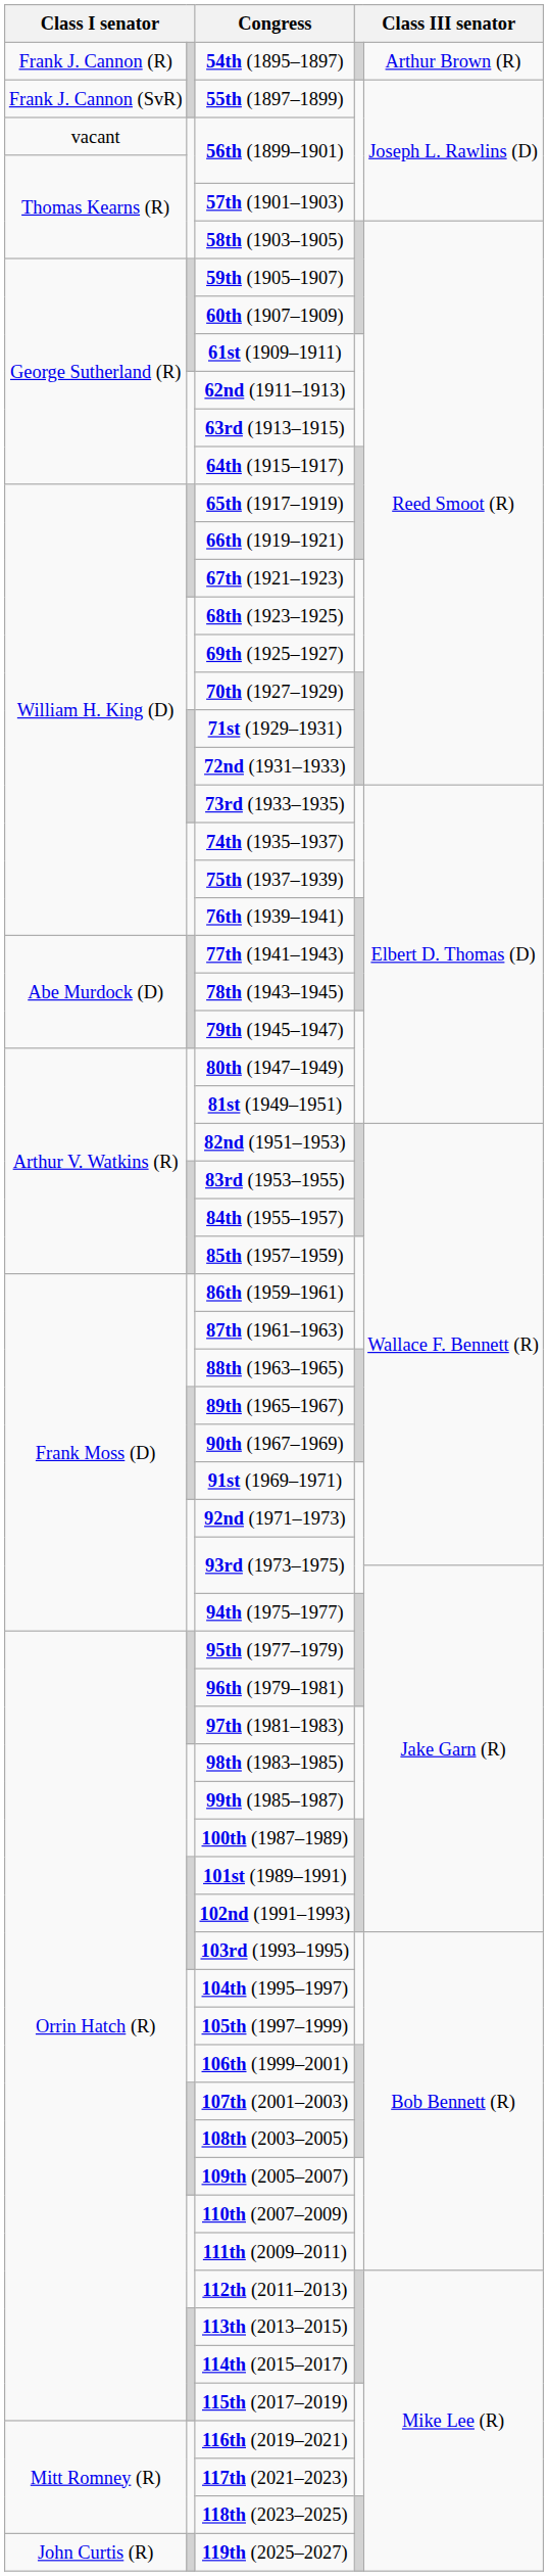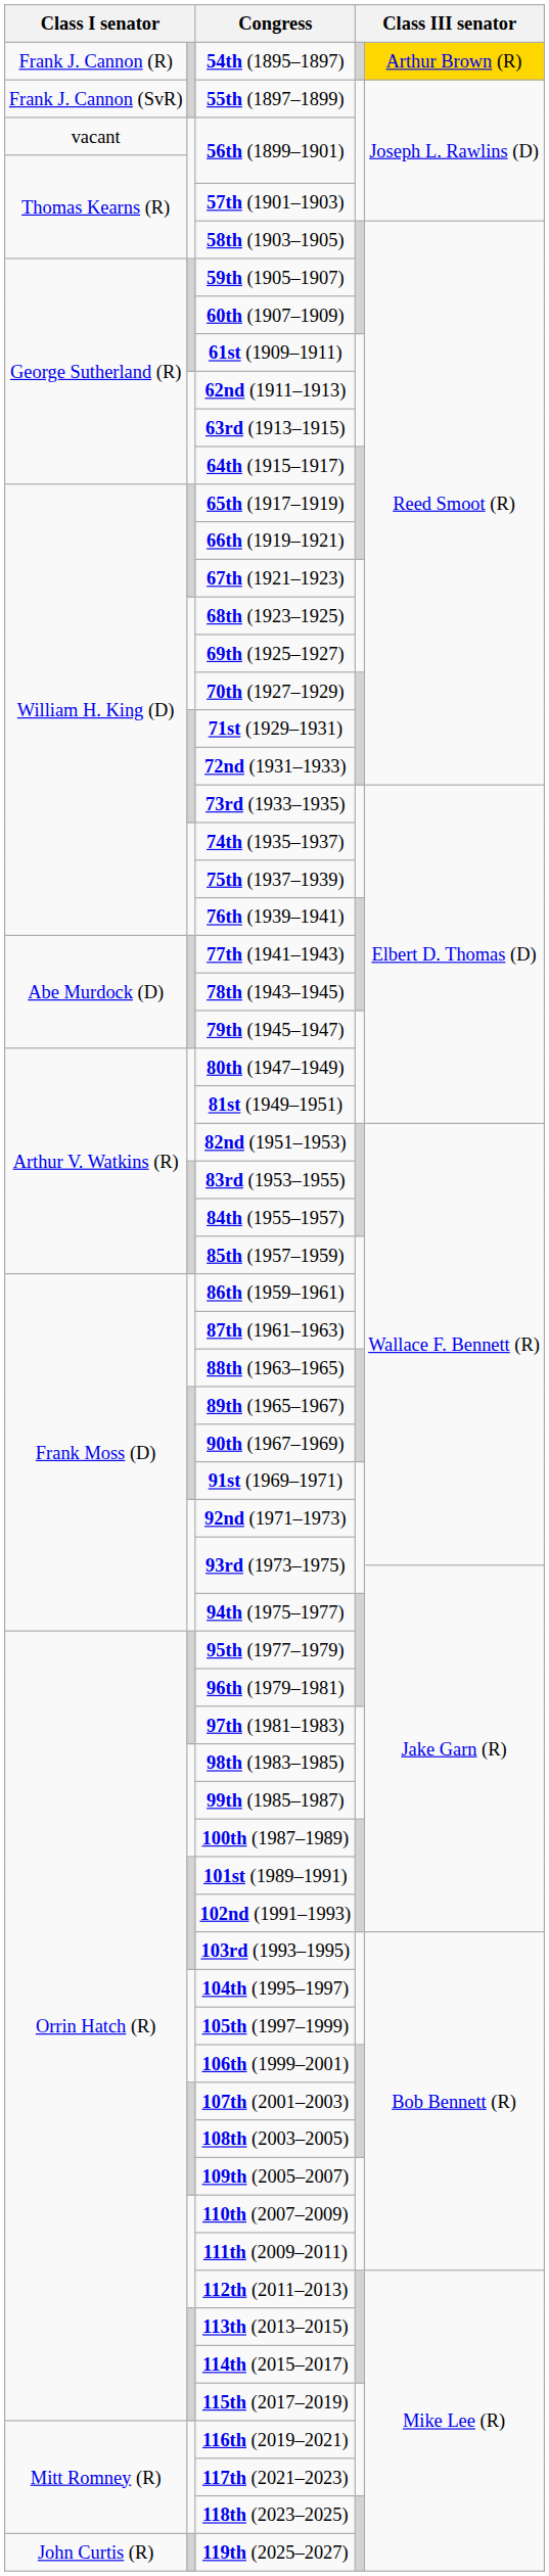 <table class="wikitable sticky-header" style="text-align:center">
 <tr style="height:2em">
 <th colspan=2>Class I senator</th>
 <th>Congress</th>
 <th colspan=2>Class III senator</th>
 </tr>
 <tr style="height:2em">
 <td><a href='#'>Frank J. Cannon</a> (R)</td>
 <td rowspan=2 style="background: #D3D3D3"></td>
 <td><strong><a href='#'>54th</a></strong> (1895–1897)</td>
 <td style="background: #D3D3D3"></td>
-<td><a href='#'>Arthur Brown</a> (R)</td>
+<td style="background: gold;"><a href='#'>Arthur Brown</a> (R)</td>
 </tr>
 <tr style="height:2em">
 <td><a href='#'>Frank J. Cannon</a> (SvR)</td>
 <td><strong><a href='#'>55th</a></strong> (1897–1899)</td>
 <td rowspan=4></td>
 <td rowspan=4 ><a href='#'>Joseph L. Rawlins</a> (D)</td>
 </tr>
 <tr style="height:2em">
 <td>vacant</td>
 <td rowspan="4"></td>
 <td rowspan=2><strong><a href='#'>56th</a></strong> (1899–1901)</td>
 </tr>
 <tr style="height:1.5em">
 <td rowspan=3 ><a href='#'>Thomas Kearns</a> (R)</td>
 </tr>
 <tr style="height:2em">
 <td><strong><a href='#'>57th</a></strong> (1901–1903)</td>
 </tr>
 <tr style="height:2em">
 <td><strong><a href='#'>58th</a></strong> (1903–1905)</td>
 <td rowspan=3 style="background: #D3D3D3"></td>
 <td rowspan=15 ><a href='#'>Reed Smoot</a> (R)</td>
 </tr>
 <tr style="height:2em">
 <td rowspan=6 ><a href='#'>George Sutherland</a> (R)</td>
 <td rowspan=3 style="background: #D3D3D3"></td>
 <td><strong><a href='#'>59th</a></strong> (1905–1907)</td>
 </tr>
 <tr style="height:2em">
 <td><strong><a href='#'>60th</a></strong> (1907–1909)</td>
 </tr>
 <tr style="height:2em">
 <td><strong><a href='#'>61st</a></strong> (1909–1911)</td>
 <td rowspan=3></td>
 </tr>
 <tr style="height:2em">
 <td rowspan=3></td>
 <td><strong><a href='#'>62nd</a></strong> (1911–1913)</td>
 </tr>
 <tr style="height:2em">
 <td><strong><a href='#'>63rd</a></strong> (1913–1915)</td>
 </tr>
 <tr style="height:2em">
 <td><strong><a href='#'>64th</a></strong> (1915–1917)</td>
 <td rowspan=3 style="background: #D3D3D3"></td>
 </tr>
 <tr style="height:2em">
 <td rowspan=12 ><a href='#'>William H. King</a> (D)</td>
 <td rowspan=3 style="background: #D3D3D3"></td>
 <td><strong><a href='#'>65th</a></strong> (1917–1919)</td>
 </tr>
 <tr style="height:2em">
 <td><strong><a href='#'>66th</a></strong> (1919–1921)</td>
 </tr>
 <tr style="height:2em">
 <td><strong><a href='#'>67th</a></strong> (1921–1923)</td>
 <td rowspan=3></td>
 </tr>
 <tr style="height:2em">
 <td rowspan=3></td>
 <td><strong><a href='#'>68th</a></strong> (1923–1925)</td>
 </tr>
 <tr style="height:2em">
 <td><strong><a href='#'>69th</a></strong> (1925–1927)</td>
 </tr>
 <tr style="height:2em">
 <td><strong><a href='#'>70th</a></strong> (1927–1929)</td>
 <td rowspan=3 style="background: #D3D3D3"></td>
 </tr>
 <tr style="height:2em">
 <td rowspan=3 style="background: #D3D3D3"></td>
 <td><strong><a href='#'>71st</a></strong> (1929–1931)</td>
 </tr>
 <tr style="height:2em">
 <td><strong><a href='#'>72nd</a></strong> (1931–1933)</td>
 </tr>
 <tr style="height:2em">
 <td><strong><a href='#'>73rd</a></strong> (1933–1935)</td>
 <td rowspan=3></td>
 <td rowspan=9 ><a href='#'>Elbert D. Thomas</a> (D)</td>
 </tr>
 <tr style="height:2em">
 <td rowspan=3></td>
 <td><strong><a href='#'>74th</a></strong> (1935–1937)</td>
 </tr>
 <tr style="height:2em">
 <td><strong><a href='#'>75th</a></strong> (1937–1939)</td>
 </tr>
 <tr style="height:2em">
 <td><strong><a href='#'>76th</a></strong> (1939–1941)</td>
 <td rowspan=3 style="background: #D3D3D3"></td>
 </tr>
 <tr style="height:2em">
 <td rowspan=3 ><a href='#'>Abe Murdock</a> (D)</td>
 <td rowspan=3 style="background: #D3D3D3"></td>
 <td><strong><a href='#'>77th</a></strong> (1941–1943)</td>
 </tr>
 <tr style="height:2em">
 <td><strong><a href='#'>78th</a></strong> (1943–1945)</td>
 </tr>
 <tr style="height:2em">
 <td><strong><a href='#'>79th</a></strong> (1945–1947)</td>
 <td rowspan=3></td>
 </tr>
 <tr style="height:2em">
 <td rowspan=6 ><a href='#'>Arthur V. Watkins</a> (R)</td>
 <td rowspan=3></td>
 <td><strong><a href='#'>80th</a></strong> (1947–1949)</td>
 </tr>
 <tr style="height:2em">
 <td><strong><a href='#'>81st</a></strong> (1949–1951)</td>
 </tr>
 <tr style="height:2em">
 <td><strong><a href='#'>82nd</a></strong> (1951–1953)</td>
 <td rowspan=3 style="background: #D3D3D3"></td>
 <td rowspan=12 ><a href='#'>Wallace F. Bennett</a> (R)</td>
 </tr>
 <tr style="height:2em">
 <td rowspan=3 style="background: #D3D3D3"></td>
 <td><strong><a href='#'>83rd</a></strong> (1953–1955)</td>
 </tr>
 <tr style="height:2em">
 <td><strong><a href='#'>84th</a></strong> (1955–1957)</td>
 </tr>
 <tr style="height:2em">
 <td><strong><a href='#'>85th</a></strong> (1957–1959)</td>
 <td rowspan=3></td>
 </tr>
 <tr style="height:2em">
 <td rowspan=10 ><a href='#'>Frank Moss</a> (D)</td>
 <td rowspan=3></td>
 <td><strong><a href='#'>86th</a></strong> (1959–1961)</td>
 </tr>
 <tr style="height:2em">
 <td><strong><a href='#'>87th</a></strong> (1961–1963)</td>
 </tr>
 <tr style="height:2em">
 <td><strong><a href='#'>88th</a></strong> (1963–1965)</td>
 <td rowspan=3 style="background: #D3D3D3"></td>
 </tr>
 <tr style="height:2em">
 <td rowspan=3 style="background: #D3D3D3"></td>
 <td><strong><a href='#'>89th</a></strong> (1965–1967)</td>
 </tr>
 <tr style="height:2em">
 <td><strong><a href='#'>90th</a></strong> (1967–1969)</td>
 </tr>
 <tr style="height:2em">
 <td><strong><a href='#'>91st</a></strong> (1969–1971)</td>
 <td rowspan="4"></td>
 </tr>
 <tr style="height:2em">
 <td rowspan=4></td>
 <td><strong><a href='#'>92nd</a></strong> (1971–1973)</td>
 </tr>
 <tr style="height:1.5em">
 <td rowspan=2><strong><a href='#'>93rd</a></strong> (1973–1975)</td>
 </tr>
 <tr style="height:1.5em">
 <td rowspan=10 ><a href='#'>Jake Garn</a> (R)</td>
 </tr>
 <tr style="height:2em">
 <td><strong><a href='#'>94th</a></strong> (1975–1977)</td>
 <td rowspan="3" style="background: #D3D3D3"></td>
 </tr>
 <tr style="height:2em">
 <td rowspan=21 ><a href='#'>Orrin Hatch</a> (R)</td>
 <td rowspan=3 style="background: #D3D3D3"></td>
 <td><strong><a href='#'>95th</a></strong> (1977–1979)</td>
 </tr>
 <tr style="height:2em">
 <td><strong><a href='#'>96th</a></strong> (1979–1981)</td>
 </tr>
 <tr style="height:2em">
 <td><strong><a href='#'>97th</a></strong> (1981–1983)</td>
 <td rowspan="3"></td>
 </tr>
 <tr style="height:2em">
 <td rowspan=3></td>
 <td><strong><a href='#'>98th</a></strong> (1983–1985)</td>
 </tr>
 <tr style="height:2em">
 <td><strong><a href='#'>99th</a></strong> (1985–1987)</td>
 </tr>
 <tr style="height:2em">
 <td><strong><a href='#'>100th</a></strong> (1987–1989)</td>
 <td rowspan="3" style="background: #D3D3D3"></td>
 </tr>
 <tr style="height:2em">
 <td rowspan=3 style="background: #D3D3D3"></td>
 <td><strong><a href='#'>101st</a></strong> (1989–1991)</td>
 </tr>
 <tr style="height:2em">
 <td><strong><a href='#'>102nd</a></strong> (1991–1993)</td>
 </tr>
 <tr style="height:2em">
 <td><strong><a href='#'>103rd</a></strong> (1993–1995)</td>
 <td rowspan=3></td>
 <td rowspan=9 ><a href='#'>Bob Bennett</a> (R)</td>
 </tr>
 <tr style="height:2em">
 <td rowspan=3></td>
 <td><strong><a href='#'>104th</a></strong> (1995–1997)</td>
 </tr>
 <tr style="height:2em">
 <td><strong><a href='#'>105th</a></strong> (1997–1999)</td>
 </tr>
 <tr style="height:2em">
 <td><strong><a href='#'>106th</a></strong> (1999–2001)</td>
 <td rowspan=3 style="background: #D3D3D3"></td>
 </tr>
 <tr style="height:2em">
 <td rowspan=3 style="background: #D3D3D3"></td>
 <td><strong><a href='#'>107th</a></strong> (2001–2003)</td>
 </tr>
 <tr style="height:2em">
 <td><strong><a href='#'>108th</a></strong> (2003–2005)</td>
 </tr>
 <tr style="height:2em">
 <td><strong><a href='#'>109th</a></strong> (2005–2007)</td>
 <td rowspan=3></td>
 </tr>
 <tr style="height:2em">
 <td rowspan=3></td>
 <td><strong><a href='#'>110th</a></strong> (2007–2009)</td>
 </tr>
 <tr style="height:2em">
 <td><strong><a href='#'>111th</a></strong> (2009–2011)</td>
 </tr>
 <tr style="height:2em">
 <td><strong><a href='#'>112th</a></strong> (2011–2013)</td>
 <td rowspan=3 style="background: #D3D3D3"></td>
 <td rowspan=8 ><a href='#'>Mike Lee</a> (R)</td>
 </tr>
 <tr style="height:2em">
 <td rowspan=3 style="background: #D3D3D3"></td>
 <td><strong><a href='#'>113th</a></strong> (2013–2015)</td>
 </tr>
 <tr style="height:2em">
 <td><strong><a href='#'>114th</a></strong> (2015–2017)</td>
 </tr>
 <tr style="height:2em">
 <td><strong><a href='#'>115th</a></strong> (2017–2019)</td>
 <td rowspan=3></td>
 </tr>
 <tr style="height:2em">
 <td rowspan=3 ><a href='#'>Mitt Romney</a> (R)</td>
 <td rowspan=3></td>
 <td><strong><a href='#'>116th</a></strong> (2019–2021)</td>
 </tr>
 <tr style="height:2em">
 <td><strong><a href='#'>117th</a></strong> (2021–2023)</td>
 </tr>
 <tr style="height:2em">
 <td><strong><a href='#'>118th</a></strong> (2023–2025)</td>
 <td rowspan=2 style="background: #D3D3D3"></td>
 </tr>
 <tr style="height:2em">
 <td rowspan=1 ><a href='#'>John Curtis</a> (R)</td>
 <td rowspan=1 style="background: #D3D3D3"></td>
 <td><strong><a href='#'>119th</a></strong> (2025–2027)</td>
 </tr>
 </table>
